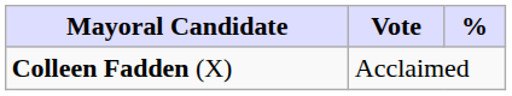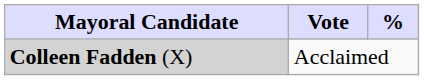 <table class="wikitable">
 <tr>
 <th style="background:#ddf; width:200px;">Mayoral Candidate</th>
 <th style="background:#ddf; width:50px;">Vote</th>
 <th style="background:#ddf; width:30px;">%</th>
 </tr>
 <tr>
-<td><strong>Colleen Fadden</strong> (X)</td>
+<td style="background: lightgrey;"><strong>Colleen Fadden</strong> (X)</td>
 <td colspan="2">Acclaimed</td>
 </tr>
 </table>
